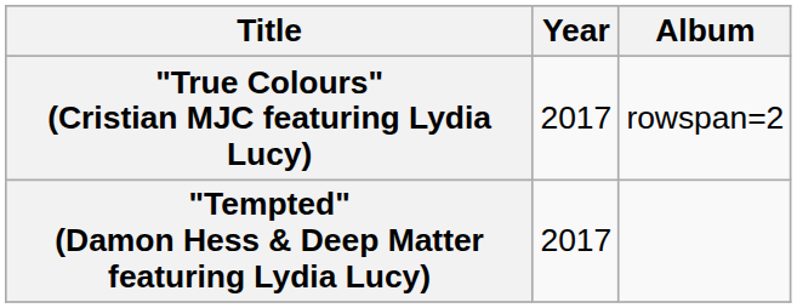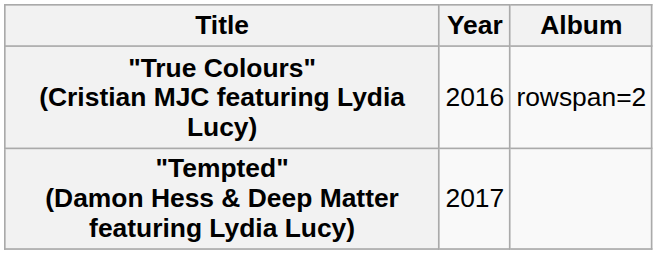 <table class="wikitable plainrowheaders" style="text-align:center;">
 <tr>
 <th scope="col" colspan="1" style="width:16em;">Title</th>
 <th scope="col" colspan="1" style="width:1em;">Year</th>
 <th scope="col" colspan="1" style="width:4em;">Album</th>
 </tr>
 <tr>
 <th scope="row">"True Colours"<br><span>(Cristian MJC featuring Lydia Lucy)</span></th>
-<td>2017</td>
+<td>2016</td>
 <td>rowspan=2 </td>
 </tr>
 <tr>
 <th>"Tempted" <br> <span>(Damon Hess & Deep Matter featuring Lydia Lucy)</span></th>
 <td>2017</td>
 </tr>
 </table>
